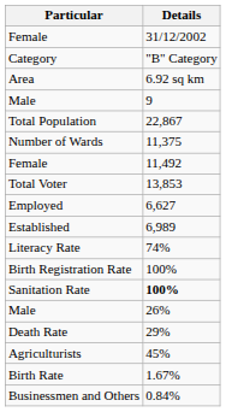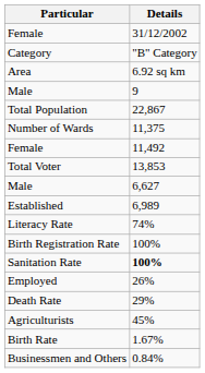 <table class="wikitable">
 <tr>
 <th>Particular</th>
 <th>Details</th>
 </tr>
 <tr>
 <td>Female</td>
 <td>31/12/2002</td>
 </tr>
 <tr>
 <td>Category</td>
 <td>"B" Category</td>
 </tr>
 <tr>
 <td>Area</td>
 <td>6.92 sq km</td>
 </tr>
 <tr>
 <td>Male</td>
 <td>9</td>
 </tr>
 <tr>
 <td>Total Population</td>
 <td>22,867</td>
 </tr>
 <tr>
 <td>Number of Wards</td>
 <td>11,375</td>
 </tr>
 <tr>
 <td>Female</td>
 <td>11,492</td>
 </tr>
 <tr>
 <td>Total Voter</td>
 <td>13,853</td>
 </tr>
 <tr>
-<td>Employed</td>
+<td>Male</td>
 <td>6,627</td>
 </tr>
 <tr>
 <td>Established</td>
 <td>6,989</td>
 </tr>
 <tr>
 <td>Literacy Rate</td>
 <td>74%</td>
 </tr>
 <tr>
 <td>Birth Registration Rate</td>
 <td>100%</td>
 </tr>
 <tr>
 <td>Sanitation Rate</td>
 <td><strong>100%</strong></td>
 </tr>
 <tr>
-<td>Male</td>
+<td>Employed</td>
 <td>26%</td>
 </tr>
 <tr>
 <td>Death Rate</td>
 <td>29%</td>
 </tr>
 <tr>
 <td>Agriculturists</td>
 <td>45%</td>
 </tr>
 <tr>
 <td>Birth Rate</td>
 <td>1.67%</td>
 </tr>
 <tr>
 <td>Businessmen and Others</td>
 <td>0.84%</td>
 </tr>
 </table>
